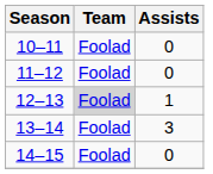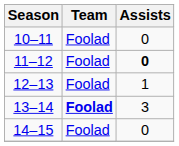 <table class="wikitable" style="text-align: center;">
 <tr>
 <th>Season</th>
 <th>Team</th>
 <th>Assists</th>
 </tr>
 <tr>
 <td><a href='#'>10–11</a></td>
 <td align="left"><a href='#'>Foolad</a></td>
 <td>0</td>
 </tr>
 <tr>
 <td><a href='#'>11–12</a></td>
 <td align="left"><a href='#'>Foolad</a></td>
-<td>0</td>
+<td><strong>0</strong></td>
 </tr>
 <tr>
 <td><a href='#'>12–13</a></td>
-<td align="left" style="background: lightgrey;"><a href='#'>Foolad</a></td>
+<td align="left"><a href='#'>Foolad</a></td>
 <td>1</td>
 </tr>
 <tr>
 <td><a href='#'>13–14</a></td>
-<td align="left"><a href='#'>Foolad</a></td>
+<td align="left"><strong><a href='#'>Foolad</a></strong></td>
 <td>3</td>
 </tr>
 <tr>
 <td><a href='#'>14–15</a></td>
 <td align="left"><a href='#'>Foolad</a></td>
 <td>0</td>
 </tr>
 <tr>
 </tr>
 </table>
